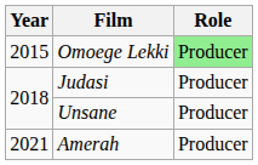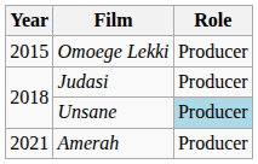 <table class="wikitable">
 <tr>
 <th>Year</th>
 <th>Film</th>
 <th>Role</th>
 </tr>
 <tr>
 <td>2015</td>
 <td><em>Omoege Lekki</em></td>
-<td style="background: lightgreen;">Producer</td>
+<td>Producer</td>
 </tr>
 <tr>
 <td rowspan="2">2018</td>
 <td><em>Judasi</em></td>
 <td>Producer</td>
 </tr>
 <tr>
 <td><em>Unsane</em></td>
-<td>Producer</td>
+<td style="background: lightblue;">Producer</td>
 </tr>
 <tr>
 <td>2021</td>
 <td><em>Amerah</em></td>
 <td>Producer</td>
 </tr>
 </table>
